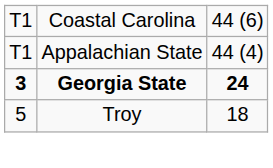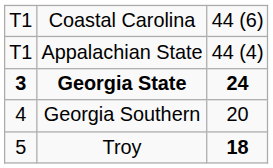 <table class="wikitable" style="display: inline-table;">
 <tr align="center">
 <td>T1</td>
 <td>Coastal Carolina</td>
 <td>44 (6)</td>
 </tr>
 <tr align="center">
 <td>T1</td>
 <td>Appalachian State</td>
 <td>44 (4)</td>
 </tr>
 <tr align="center">
 <td><strong>3</strong></td>
 <td><strong>Georgia State</strong></td>
 <td><strong>24</strong></td>
 </tr>
 <tr align="center">
+<td>4</td>
+<td>Georgia Southern</td>
+<td>20</td>
+</tr>
+<tr align="center">
 <td>5</td>
 <td>Troy</td>
-<td>18</td>
+<td><strong>18</strong></td>
 </tr>
 </table>
